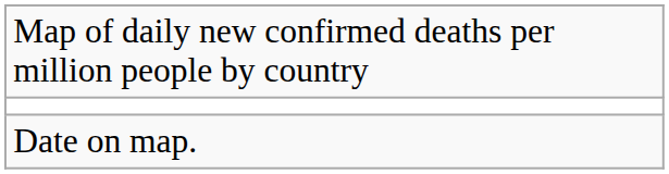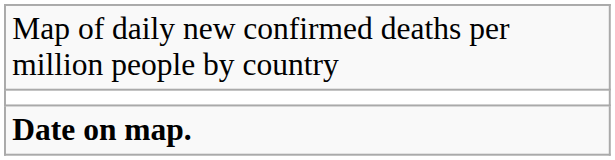 <table class=wikitable>
 <tr>
 <td style=max-width:300px>Map of daily new confirmed deaths per million people by country</td>
 </tr>
 <tr>
 <td style=background-color:white;></td>
 </tr>
 <tr>
-<td>Date on map.</td>
+<td><strong>Date on map.</strong></td>
 </tr>
 </table>
